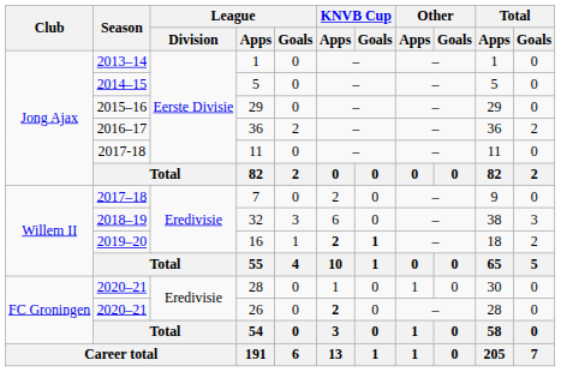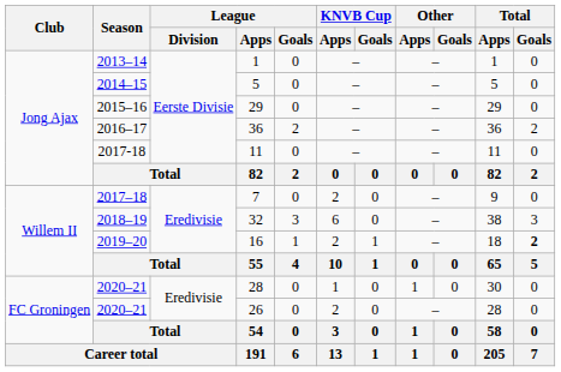 <table class="wikitable" style="text-align:center">
 <tr>
 <th rowspan="2">Club</th>
 <th rowspan="2">Season</th>
 <th colspan="3">League</th>
 <th colspan="2"><a href='#'>KNVB Cup</a></th>
 <th colspan="2">Other</th>
 <th colspan="2">Total</th>
 </tr>
 <tr>
 <th>Division</th>
 <th>Apps</th>
 <th>Goals</th>
 <th>Apps</th>
 <th>Goals</th>
 <th>Apps</th>
 <th>Goals</th>
 <th>Apps</th>
 <th>Goals</th>
 </tr>
 <tr>
 <td rowspan="6"><a href='#'>Jong Ajax</a></td>
 <td><a href='#'>2013–14</a></td>
 <td rowspan="5"><a href='#'>Eerste Divisie</a></td>
 <td>1</td>
 <td>0</td>
 <td colspan="2">–</td>
 <td colspan="2">–</td>
 <td>1</td>
 <td>0</td>
 </tr>
 <tr>
 <td><a href='#'>2014–15</a></td>
 <td>5</td>
 <td>0</td>
 <td colspan="2">–</td>
 <td colspan="2">–</td>
 <td>5</td>
 <td>0</td>
 </tr>
 <tr>
 <td>2015–16</td>
 <td>29</td>
 <td>0</td>
 <td colspan="2">–</td>
 <td colspan="2">–</td>
 <td>29</td>
 <td>0</td>
 </tr>
 <tr>
 <td>2016–17</td>
 <td>36</td>
 <td>2</td>
 <td colspan="2">–</td>
 <td colspan="2">–</td>
 <td>36</td>
 <td>2</td>
 </tr>
 <tr>
 <td>2017-18</td>
 <td>11</td>
 <td>0</td>
 <td colspan="2">–</td>
 <td colspan="2">–</td>
 <td>11</td>
 <td>0</td>
 </tr>
 <tr>
 <th colspan="2">Total</th>
 <th>82</th>
 <th>2</th>
 <th>0</th>
 <th>0</th>
 <th>0</th>
 <th>0</th>
 <th>82</th>
 <th>2</th>
 </tr>
 <tr>
 <td rowspan="4"><a href='#'>Willem II</a></td>
 <td><a href='#'>2017–18</a></td>
 <td rowspan="3"><a href='#'>Eredivisie</a></td>
 <td>7</td>
 <td>0</td>
 <td>2</td>
 <td>0</td>
 <td colspan="2">–</td>
 <td>9</td>
 <td>0</td>
 </tr>
 <tr>
 <td><a href='#'>2018–19</a></td>
 <td>32</td>
 <td>3</td>
 <td>6</td>
 <td>0</td>
 <td colspan="2">–</td>
 <td>38</td>
 <td>3</td>
 </tr>
 <tr>
 <td><a href='#'>2019–20</a></td>
 <td>16</td>
 <td>1</td>
-<td><strong>2</strong></td>
-<td><strong>1</strong></td>
+<td>2</td>
+<td>1</td>
 <td colspan="2">–</td>
 <td>18</td>
-<td>2</td>
+<td><strong>2</strong></td>
 </tr>
 <tr>
 <th colspan="2">Total</th>
 <th>55</th>
 <th>4</th>
 <th>10</th>
 <th>1</th>
 <th>0</th>
 <th>0</th>
 <th>65</th>
 <th>5</th>
 </tr>
 <tr>
 <td rowspan="3"><a href='#'>FC Groningen</a></td>
 <td><a href='#'>2020–21</a></td>
 <td rowspan="2">Eredivisie</td>
 <td>28</td>
 <td>0</td>
 <td>1</td>
 <td>0</td>
 <td>1</td>
 <td>0</td>
 <td>30</td>
 <td>0</td>
 </tr>
 <tr>
 <td><a href='#'>2020–21</a></td>
 <td>26</td>
 <td>0</td>
-<td><strong>2</strong></td>
+<td>2</td>
 <td>0</td>
 <td colspan="2">–</td>
 <td>28</td>
 <td>0</td>
 </tr>
 <tr>
 <th colspan="2">Total</th>
 <th>54</th>
 <th>0</th>
 <th>3</th>
 <th>0</th>
 <th>1</th>
 <th>0</th>
 <th>58</th>
 <th>0</th>
 </tr>
 <tr>
 <th colspan="3">Career total</th>
 <th>191</th>
 <th>6</th>
 <th>13</th>
 <th>1</th>
 <th>1</th>
 <th>0</th>
 <th>205</th>
 <th>7</th>
 </tr>
 </table>
